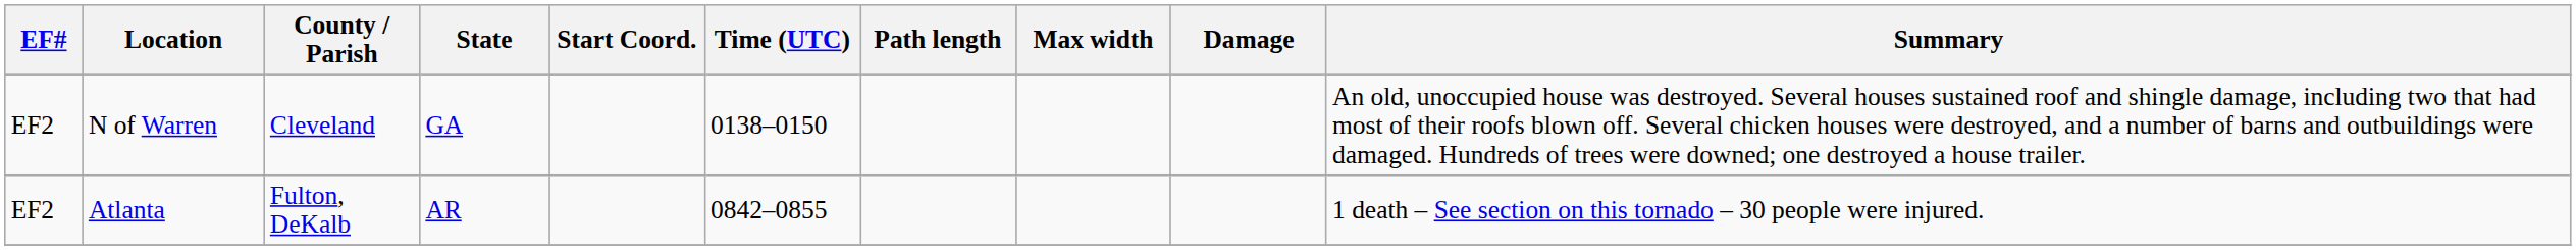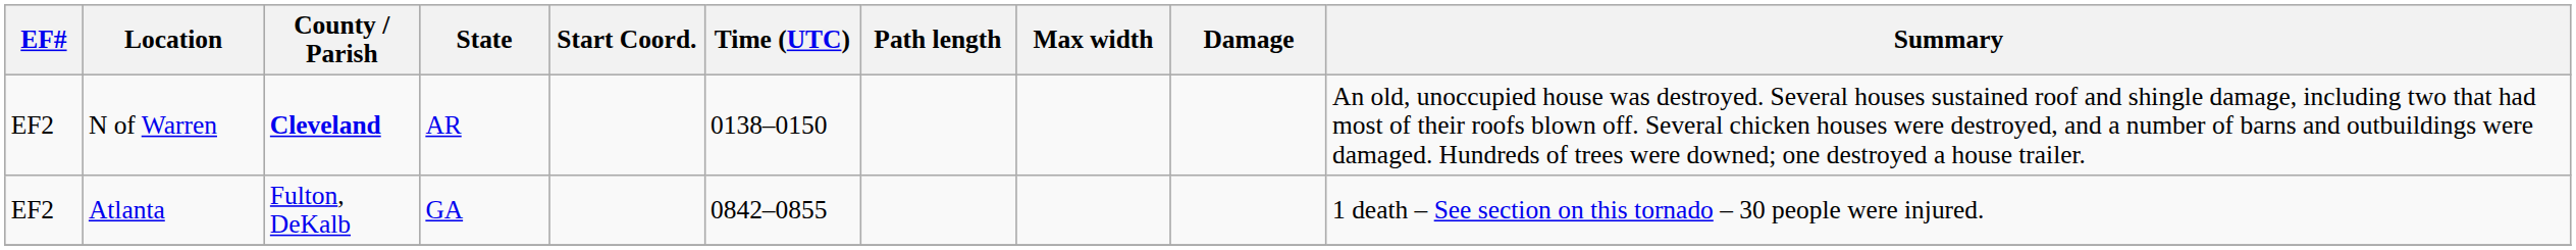 <table class="wikitable sortable" style="width:100%;">
 <tr>
 <th scope="col" width="3%" align="center"><a href='#'>EF#</a></th>
 <th scope="col" width="7%" align="center" class="unsortable">Location</th>
 <th scope="col" width="6%" align="center" class="unsortable">County / Parish</th>
 <th scope="col" width="5%" align="center">State</th>
 <th scope="col" width="6%" align="center">Start Coord.</th>
 <th scope="col" width="6%" align="center">Time (<a href='#'>UTC</a>)</th>
 <th scope="col" width="6%" align="center">Path length</th>
 <th scope="col" width="6%" align="center">Max width</th>
 <th scope="col" width="6%" align="center">Damage</th>
 <th scope="col" width="48%" class="unsortable" align="center">Summary</th>
 </tr>
 <tr>
 <td>EF2</td>
 <td>N of <a href='#'>Warren</a></td>
-<td><a href='#'>Cleveland</a></td>
-<td><a href='#'>GA</a></td>
+<td><strong><a href='#'>Cleveland</a></strong></td>
+<td><a href='#'>AR</a></td>
 <td></td>
 <td>0138–0150</td>
 <td></td>
 <td></td>
 <td></td>
 <td>An old, unoccupied house was destroyed. Several houses sustained roof and shingle damage, including two that had most of their roofs blown off. Several chicken houses were destroyed, and a number of barns and outbuildings were damaged. Hundreds of trees were downed; one destroyed a house trailer.</td>
 </tr>
 <tr>
 <td>EF2</td>
 <td><a href='#'>Atlanta</a></td>
 <td><a href='#'>Fulton</a>, <a href='#'>DeKalb</a></td>
-<td><a href='#'>AR</a></td>
+<td><a href='#'>GA</a></td>
 <td></td>
 <td>0842–0855</td>
 <td></td>
 <td></td>
 <td></td>
 <td>1 death – <a href='#'>See section on this tornado</a> – 30 people were injured.</td>
 </tr>
 <tr>
 </tr>
 </table>
